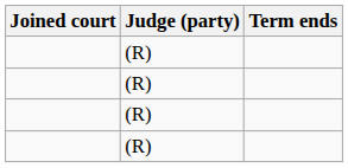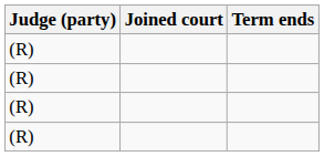 <table class="wikitable" style="border-collapse:collapse;" style="text-align: center">
 <tr bgcolor=#dedede>
+<th>Judge (party)</th>
 <th>Joined court</th>
-<th>Judge (party)</th>
 <th>Term ends</th>
 </tr>
 <tr>
+<td> (R)</td>
 <td></td>
-<td> (R)</td>
 <td></td>
 </tr>
 <tr>
+<td> (R)</td>
 <td></td>
-<td> (R)</td>
 <td></td>
 </tr>
 <tr>
+<td> (R)</td>
 <td></td>
-<td> (R)</td>
 <td></td>
 </tr>
 <tr>
+<td> (R)</td>
 <td></td>
-<td> (R)</td>
 <td></td>
 </tr>
 </table>
